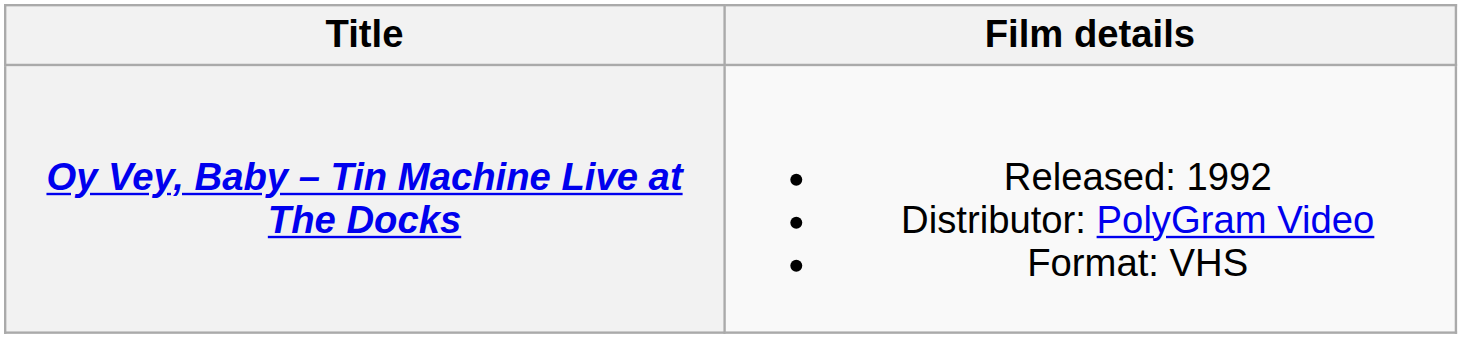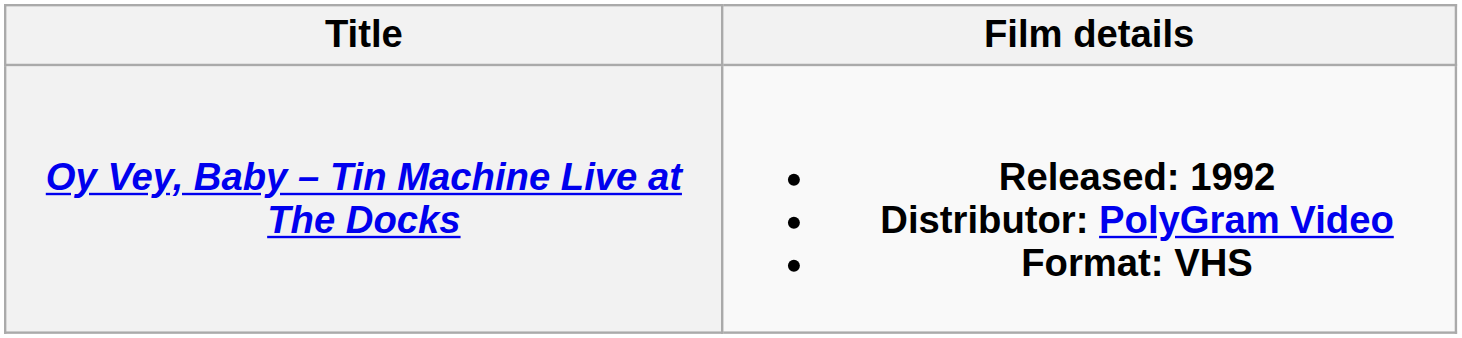 <table class="wikitable plainrowheaders" style="text-align:center;">
 <tr>
 <th scope="col" style="width:20em;">Title</th>
 <th scope="col" style="width:20em;">Film details</th>
 </tr>
 <tr>
 <th scope="row"><em><a href='#'>Oy Vey, Baby – Tin Machine Live at The Docks</a></em></th>
-<td><br><ul><li>Released: 1992</li><li>Distributor: <a href='#'>PolyGram Video</a></li><li>Format: VHS</li></ul></td>
+<td><strong><br><ul><li>Released: 1992</li><li>Distributor: <a href='#'>PolyGram Video</a></li><li>Format: VHS</li></ul></strong></td>
 </tr>
 </table>
